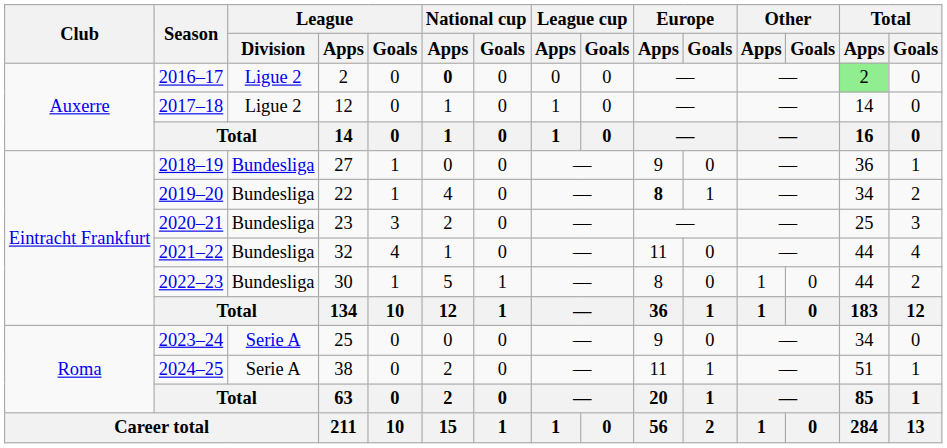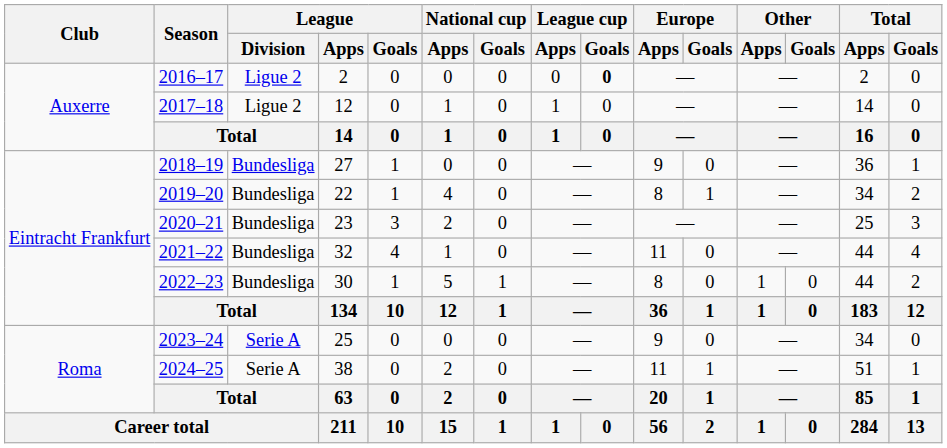 <table class="wikitable" style="text-align: center">
 <tr>
 <th rowspan=2>Club</th>
 <th rowspan=2>Season</th>
 <th colspan=3>League</th>
 <th colspan=2>National cup</th>
 <th colspan=2>League cup</th>
 <th colspan=2>Europe</th>
 <th colspan=2>Other</th>
 <th colspan=2>Total</th>
 </tr>
 <tr>
 <th>Division</th>
 <th>Apps</th>
 <th>Goals</th>
 <th>Apps</th>
 <th>Goals</th>
 <th>Apps</th>
 <th>Goals</th>
 <th>Apps</th>
 <th>Goals</th>
 <th>Apps</th>
 <th>Goals</th>
 <th>Apps</th>
 <th>Goals</th>
 </tr>
 <tr>
 <td rowspan=3><a href='#'>Auxerre</a></td>
 <td><a href='#'>2016–17</a></td>
 <td><a href='#'>Ligue 2</a></td>
 <td>2</td>
 <td>0</td>
-<td><strong>0</strong></td>
 <td>0</td>
 <td>0</td>
 <td>0</td>
+<td><strong>0</strong></td>
 <td colspan=2>—</td>
 <td colspan=2>—</td>
-<td style="background: lightgreen;">2</td>
+<td>2</td>
 <td>0</td>
 </tr>
 <tr>
 <td><a href='#'>2017–18</a></td>
 <td>Ligue 2</td>
 <td>12</td>
 <td>0</td>
 <td>1</td>
 <td>0</td>
 <td>1</td>
 <td>0</td>
 <td colspan=2>—</td>
 <td colspan=2>—</td>
 <td>14</td>
 <td>0</td>
 </tr>
 <tr>
 <th colspan=2>Total</th>
 <th>14</th>
 <th>0</th>
 <th>1</th>
 <th>0</th>
 <th>1</th>
 <th>0</th>
 <th colspan=2>—</th>
 <th colspan=2>—</th>
 <th>16</th>
 <th>0</th>
 </tr>
 <tr>
 <td rowspan=6><a href='#'>Eintracht Frankfurt</a></td>
 <td><a href='#'>2018–19</a></td>
 <td><a href='#'>Bundesliga</a></td>
 <td>27</td>
 <td>1</td>
 <td>0</td>
 <td>0</td>
 <td colspan=2>—</td>
 <td>9</td>
 <td>0</td>
 <td colspan=2>—</td>
 <td>36</td>
 <td>1</td>
 </tr>
 <tr>
 <td><a href='#'>2019–20</a></td>
 <td>Bundesliga</td>
 <td>22</td>
 <td>1</td>
 <td>4</td>
 <td>0</td>
 <td colspan=2>—</td>
-<td><strong>8</strong></td>
+<td>8</td>
 <td>1</td>
 <td colspan=2>—</td>
 <td>34</td>
 <td>2</td>
 </tr>
 <tr>
 <td><a href='#'>2020–21</a></td>
 <td>Bundesliga</td>
 <td>23</td>
 <td>3</td>
 <td>2</td>
 <td>0</td>
 <td colspan=2>—</td>
 <td colspan=2>—</td>
 <td colspan=2>—</td>
 <td>25</td>
 <td>3</td>
 </tr>
 <tr>
 <td><a href='#'>2021–22</a></td>
 <td>Bundesliga</td>
 <td>32</td>
 <td>4</td>
 <td>1</td>
 <td>0</td>
 <td colspan=2>—</td>
 <td>11</td>
 <td>0</td>
 <td colspan=2>—</td>
 <td>44</td>
 <td>4</td>
 </tr>
 <tr>
 <td><a href='#'>2022–23</a></td>
 <td>Bundesliga</td>
 <td>30</td>
 <td>1</td>
 <td>5</td>
 <td>1</td>
 <td colspan=2>—</td>
 <td>8</td>
 <td>0</td>
 <td>1</td>
 <td>0</td>
 <td>44</td>
 <td>2</td>
 </tr>
 <tr>
 <th colspan=2>Total</th>
 <th>134</th>
 <th>10</th>
 <th>12</th>
 <th>1</th>
 <th colspan=2>—</th>
 <th>36</th>
 <th>1</th>
 <th>1</th>
 <th>0</th>
 <th>183</th>
 <th>12</th>
 </tr>
 <tr>
 <td rowspan=3><a href='#'>Roma</a></td>
 <td><a href='#'>2023–24</a></td>
 <td><a href='#'>Serie A</a></td>
 <td>25</td>
 <td>0</td>
 <td>0</td>
 <td>0</td>
 <td colspan=2>—</td>
 <td>9</td>
 <td>0</td>
 <td colspan=2>—</td>
 <td>34</td>
 <td>0</td>
 </tr>
 <tr>
 <td><a href='#'>2024–25</a></td>
 <td>Serie A</td>
 <td>38</td>
 <td>0</td>
 <td>2</td>
 <td>0</td>
 <td colspan=2>—</td>
 <td>11</td>
 <td>1</td>
 <td colspan=2>—</td>
 <td>51</td>
 <td>1</td>
 </tr>
 <tr>
 <th colspan=2>Total</th>
 <th>63</th>
 <th>0</th>
 <th>2</th>
 <th>0</th>
 <th colspan=2>—</th>
 <th>20</th>
 <th>1</th>
 <th colspan=2>—</th>
 <th>85</th>
 <th>1</th>
 </tr>
 <tr>
 <th colspan=3>Career total</th>
 <th>211</th>
 <th>10</th>
 <th>15</th>
 <th>1</th>
 <th>1</th>
 <th>0</th>
 <th>56</th>
 <th>2</th>
 <th>1</th>
 <th>0</th>
 <th>284</th>
 <th>13</th>
 </tr>
 </table>
